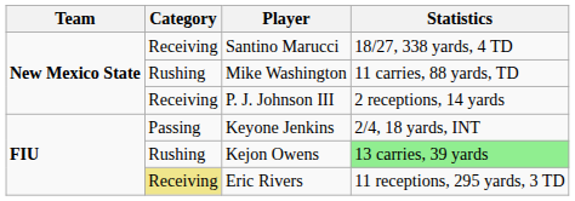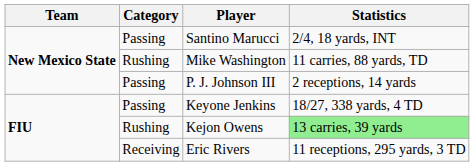 <table class="wikitable" style="float: right;">
 <tr>
 <th>Team</th>
 <th>Category</th>
 <th>Player</th>
 <th>Statistics</th>
 </tr>
 <tr>
 <td rowspan=3><strong>New Mexico State</strong></td>
-<td>Receiving</td>
+<td>Passing</td>
 <td>Santino Marucci</td>
-<td>18/27, 338 yards, 4 TD</td>
+<td>2/4, 18 yards, INT</td>
 </tr>
 <tr>
 <td>Rushing</td>
 <td>Mike Washington</td>
 <td>11 carries, 88 yards, TD</td>
 </tr>
 <tr>
-<td>Receiving</td>
+<td>Passing</td>
 <td>P. J. Johnson III</td>
 <td>2 receptions, 14 yards</td>
 </tr>
 <tr>
 <td rowspan=3><strong>FIU</strong></td>
 <td>Passing</td>
 <td>Keyone Jenkins</td>
-<td>2/4, 18 yards, INT</td>
+<td>18/27, 338 yards, 4 TD</td>
 </tr>
 <tr>
 <td>Rushing</td>
 <td>Kejon Owens</td>
 <td style="background: lightgreen;">13 carries, 39 yards</td>
 </tr>
 <tr>
-<td style="background: khaki;">Receiving</td>
+<td>Receiving</td>
 <td>Eric Rivers</td>
 <td>11 receptions, 295 yards, 3 TD</td>
 </tr>
 </table>
